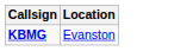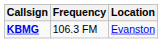 <table class="wikitable sortable">
 <tr>
 <th>Callsign</th>
+<th>Frequency</th>
 <th>Location</th>
 </tr>
 <tr>
 <td><strong><a href='#'>KBMG</a></strong></td>
+<td data-sort-value=106300>106.3 FM</td>
 <td><a href='#'>Evanston</a></td>
 </tr>
 </table>
